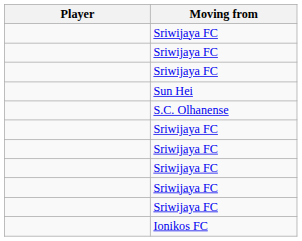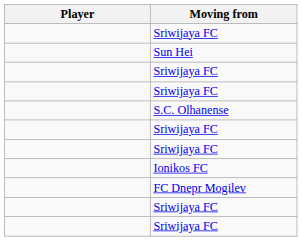 <table class="wikitable sortable">
 <tr>
 <th style="width:185px;">Player</th>
 <th style="width:185px;">Moving from</th>
 </tr>
 <tr>
 <td> </td>
 <td> <a href='#'>Sriwijaya FC</a></td>
 </tr>
 <tr>
 <td> </td>
-<td> <a href='#'>Sriwijaya FC</a></td>
+<td> <a href='#'>Sun Hei</a></td>
 </tr>
 <tr>
 <td> </td>
 <td> <a href='#'>Sriwijaya FC</a></td>
 </tr>
 <tr>
 <td> </td>
-<td> <a href='#'>Sun Hei</a></td>
+<td> <a href='#'>Sriwijaya FC</a></td>
 </tr>
 <tr>
 <td> </td>
 <td> <a href='#'>S.C. Olhanense</a></td>
 </tr>
 <tr>
 <td> </td>
 <td> <a href='#'>Sriwijaya FC</a></td>
 </tr>
 <tr>
 <td> </td>
 <td> <a href='#'>Sriwijaya FC</a></td>
 </tr>
 <tr>
 <td> </td>
-<td> <a href='#'>Sriwijaya FC</a></td>
+<td> <a href='#'>Ionikos FC</a></td>
+</tr>
+<tr>
+<td> </td>
+<td> <a href='#'>FC Dnepr Mogilev</a></td>
 </tr>
 <tr>
 <td> </td>
 <td> <a href='#'>Sriwijaya FC</a></td>
 </tr>
 <tr>
 <td> </td>
 <td> <a href='#'>Sriwijaya FC</a></td>
 </tr>
-<tr>
-<td> </td>
-<td> <a href='#'>Ionikos FC</a></td>
-</tr>
 </table>
